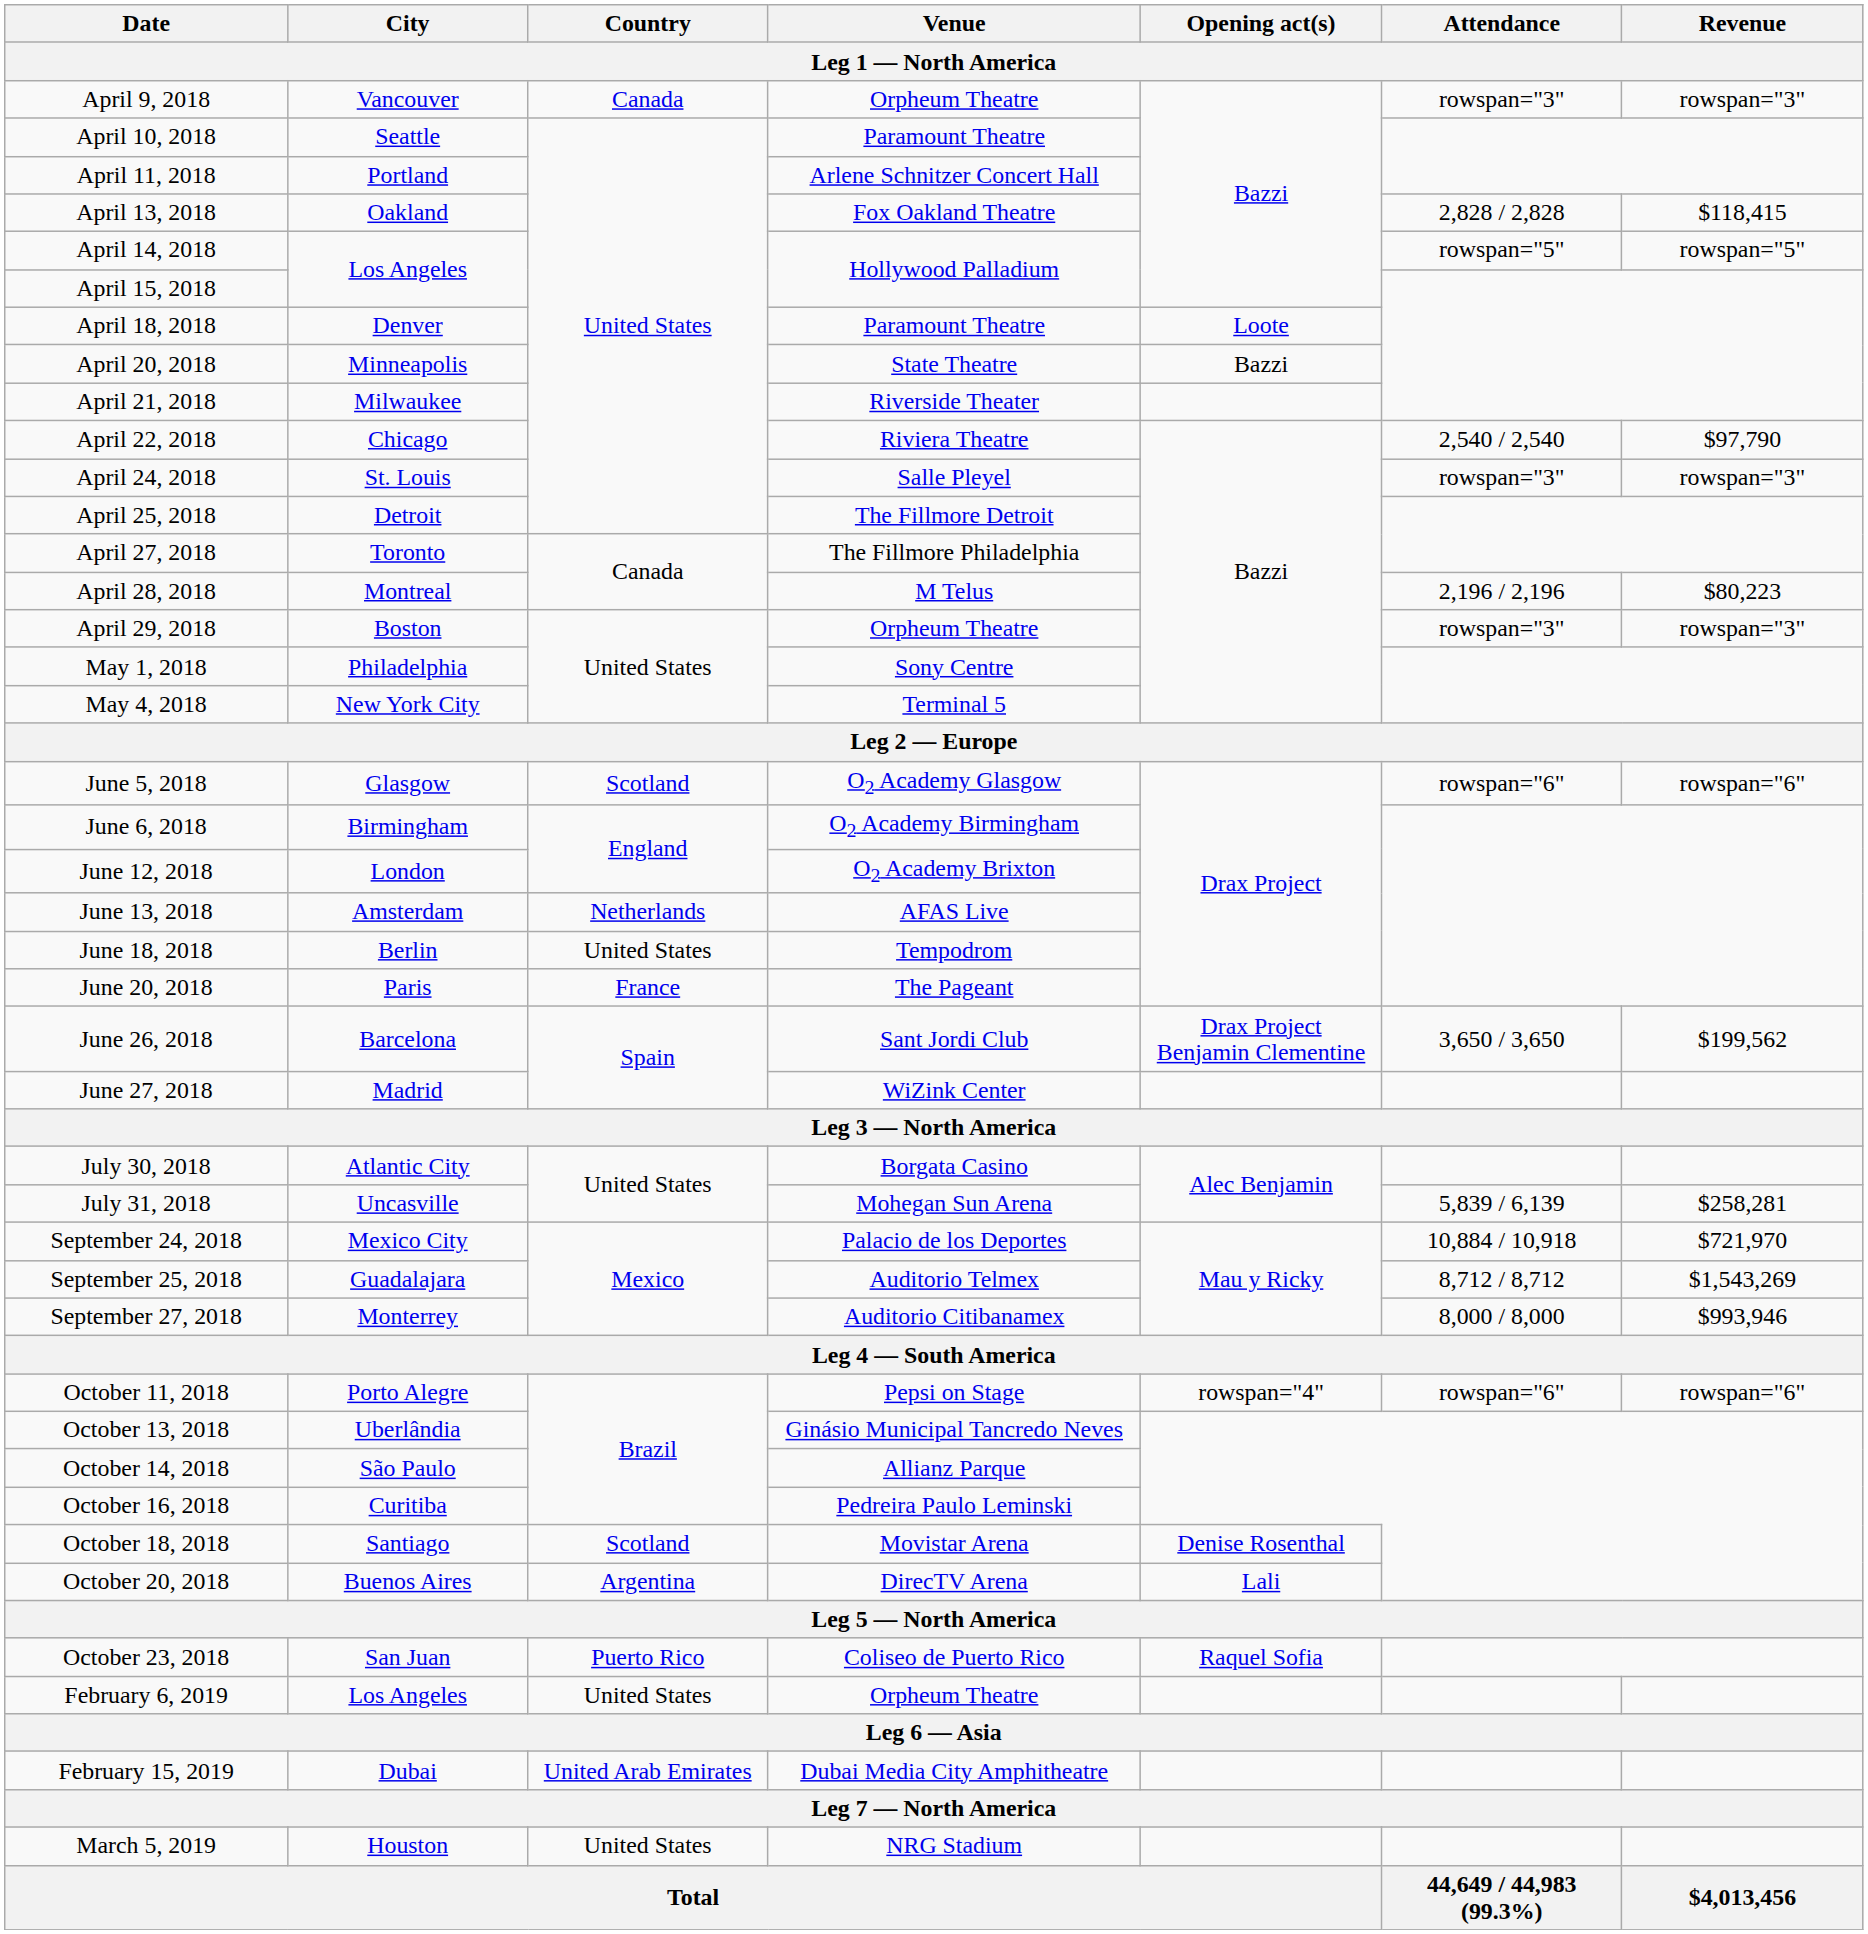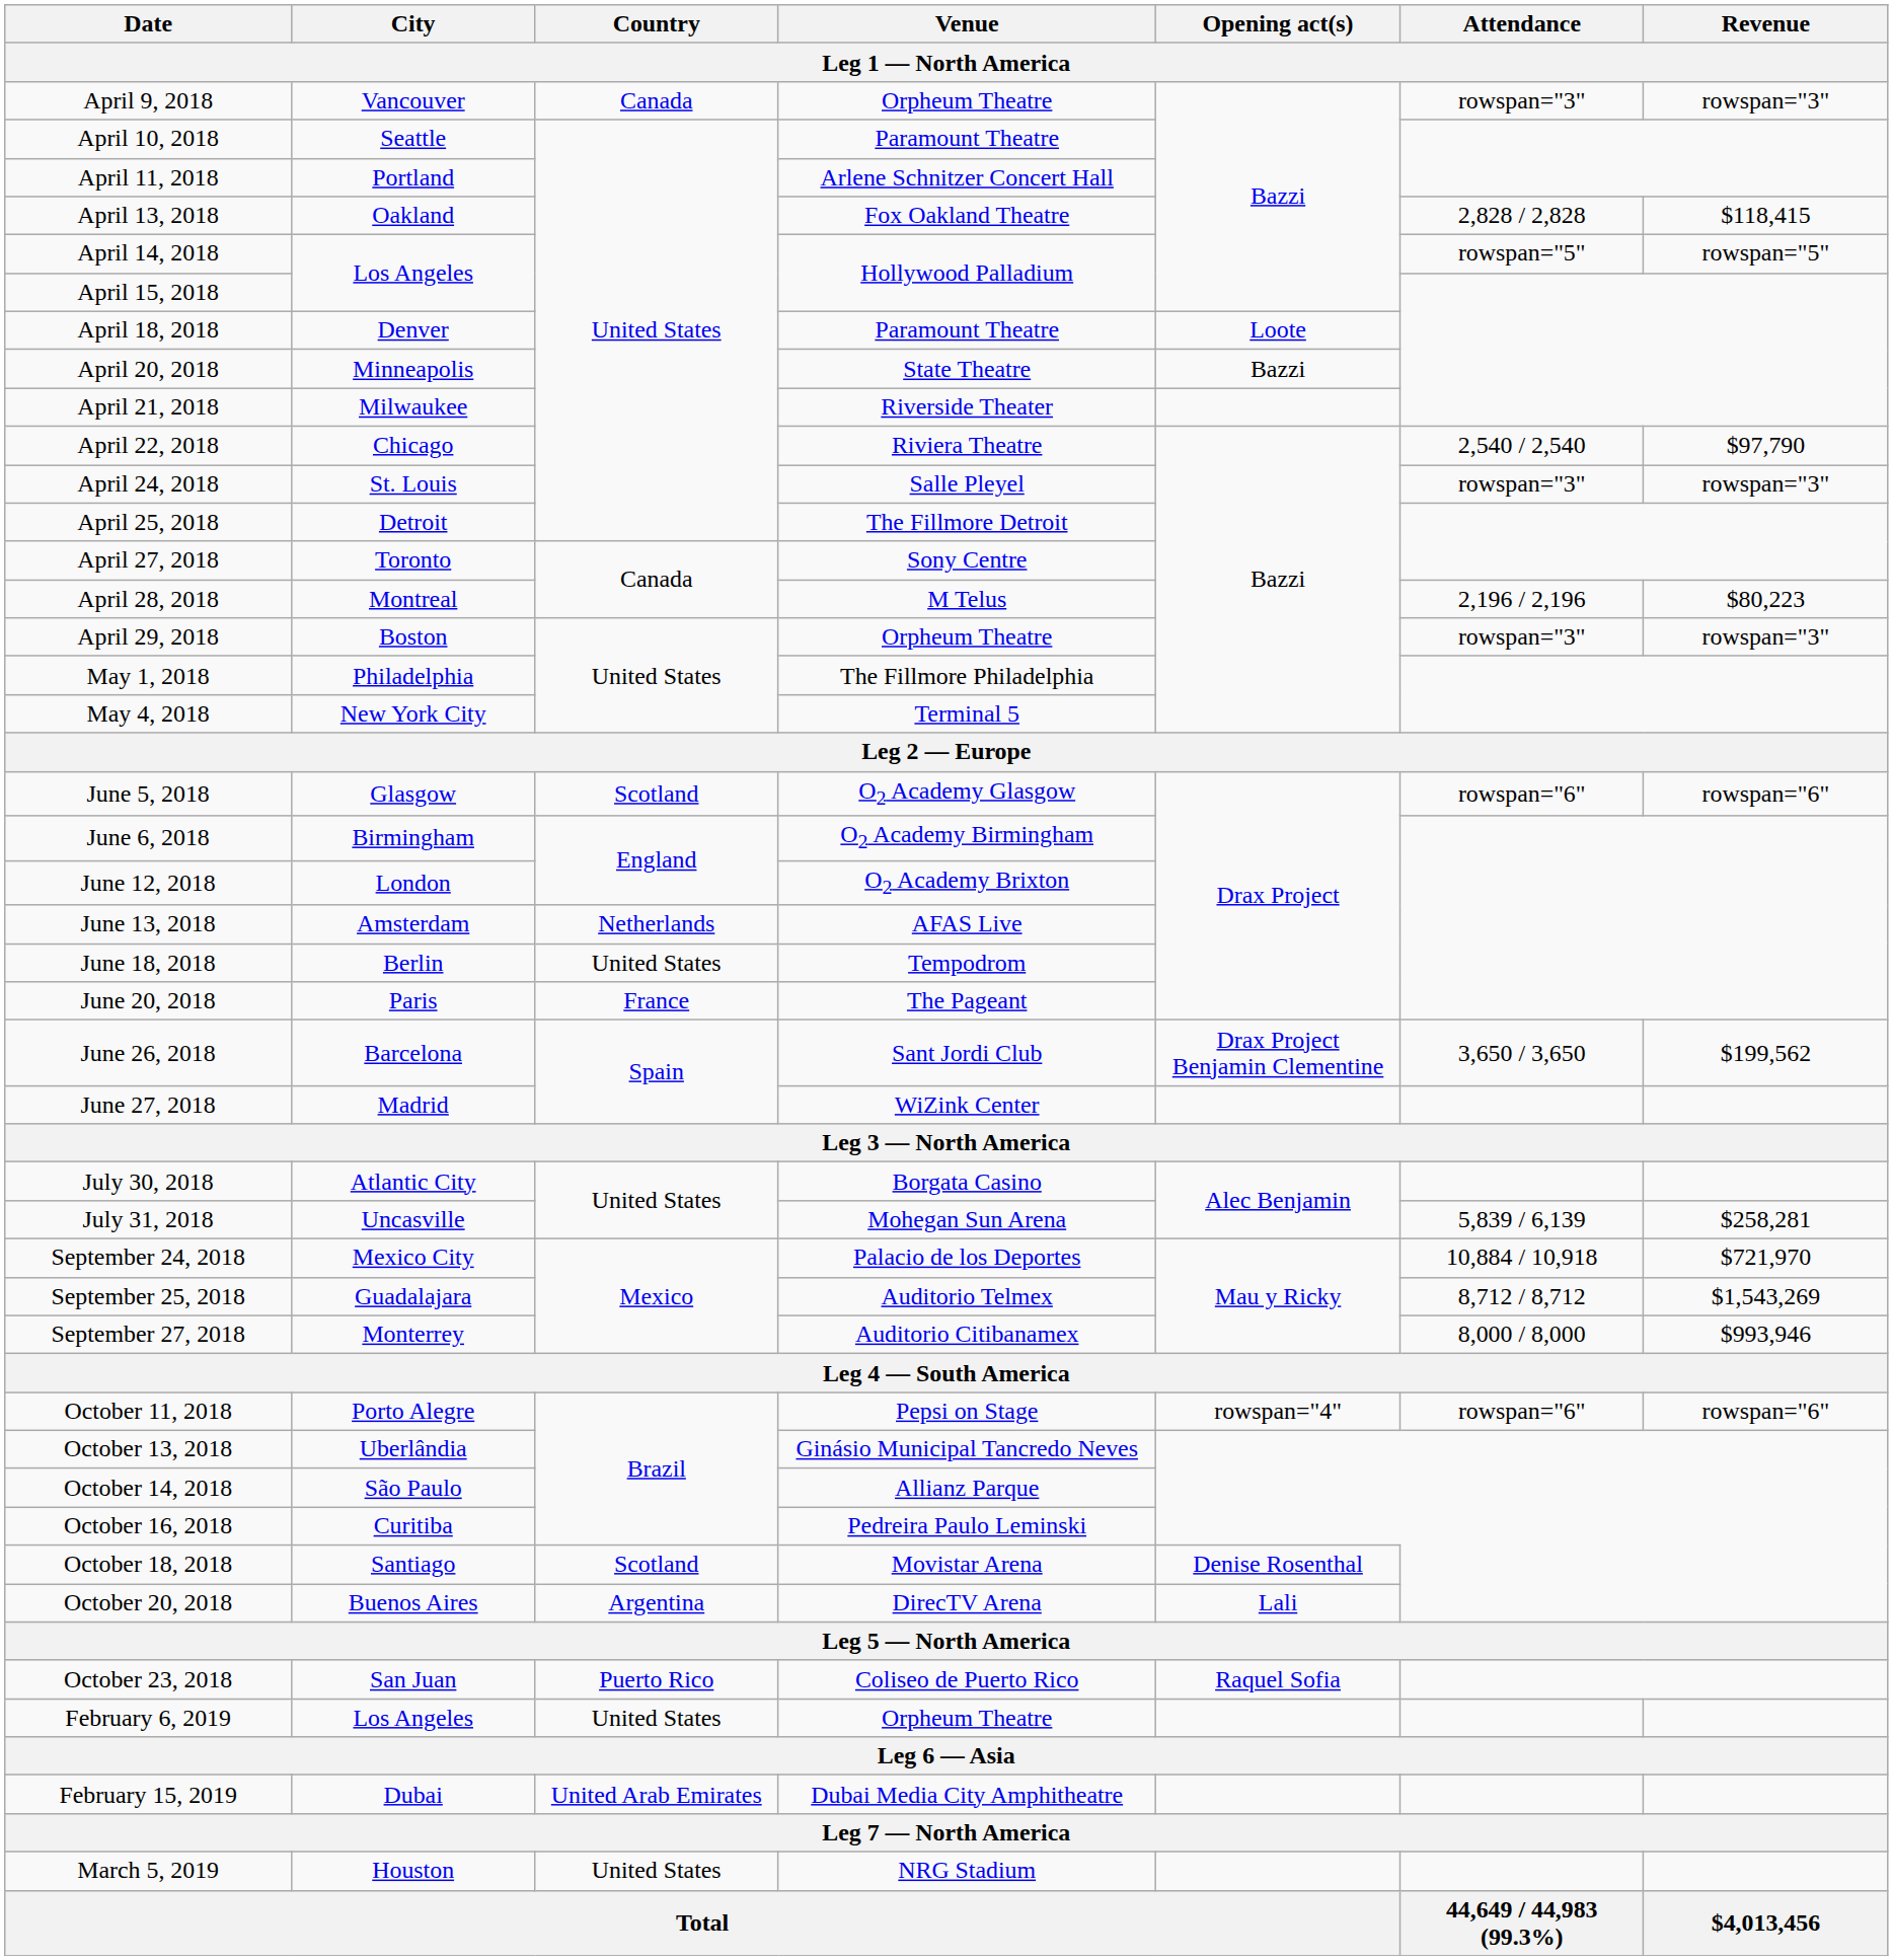 <table class="wikitable" style="text-align:center;">
 <tr>
 <th scope="col" style="width:12em;">Date</th>
 <th scope="col" style="width:10em;">City</th>
 <th scope="col" style="width:10em;">Country</th>
 <th scope="col" style="width:16em;">Venue</th>
 <th scope="col" style="width:10em;">Opening act(s)</th>
 <th scope="col" style="width:10em;">Attendance</th>
 <th scope="col" style="width:10em;">Revenue</th>
 </tr>
 <tr>
 <th colspan="7">Leg 1 — North America</th>
 </tr>
 <tr>
 <td>April 9, 2018</td>
 <td><a href='#'>Vancouver</a></td>
 <td><a href='#'>Canada</a></td>
 <td><a href='#'>Orpheum Theatre</a></td>
 <td rowspan="6"><a href='#'>Bazzi</a></td>
 <td>rowspan="3" </td>
 <td>rowspan="3" </td>
 </tr>
 <tr>
 <td>April 10, 2018</td>
 <td><a href='#'>Seattle</a></td>
 <td rowspan="11"><a href='#'>United States</a></td>
 <td><a href='#'>Paramount Theatre</a></td>
 </tr>
 <tr>
 <td>April 11, 2018</td>
 <td><a href='#'>Portland</a></td>
 <td><a href='#'>Arlene Schnitzer Concert Hall</a></td>
 </tr>
 <tr>
 <td>April 13, 2018</td>
 <td><a href='#'>Oakland</a></td>
 <td><a href='#'>Fox Oakland Theatre</a></td>
 <td>2,828 / 2,828</td>
 <td>$118,415</td>
 </tr>
 <tr>
 <td>April 14, 2018</td>
 <td rowspan="2"><a href='#'>Los Angeles</a></td>
 <td rowspan="2"><a href='#'>Hollywood Palladium</a></td>
 <td>rowspan="5" </td>
 <td>rowspan="5" </td>
 </tr>
 <tr>
 <td>April 15, 2018</td>
 </tr>
 <tr>
 <td>April 18, 2018</td>
 <td><a href='#'>Denver</a></td>
 <td><a href='#'>Paramount Theatre</a></td>
 <td><a href='#'>Loote</a></td>
 </tr>
 <tr>
 <td>April 20, 2018</td>
 <td><a href='#'>Minneapolis</a></td>
 <td><a href='#'>State Theatre</a></td>
 <td>Bazzi</td>
 </tr>
 <tr>
 <td>April 21, 2018</td>
 <td><a href='#'>Milwaukee</a></td>
 <td><a href='#'>Riverside Theater</a></td>
 <td></td>
 </tr>
 <tr>
 <td>April 22, 2018</td>
 <td><a href='#'>Chicago</a></td>
 <td><a href='#'>Riviera Theatre</a></td>
 <td rowspan="8">Bazzi</td>
 <td>2,540 / 2,540</td>
 <td>$97,790</td>
 </tr>
 <tr>
 <td>April 24, 2018</td>
 <td><a href='#'>St. Louis</a></td>
 <td><a href='#'>Salle Pleyel</a></td>
 <td>rowspan="3" </td>
 <td>rowspan="3" </td>
 </tr>
 <tr>
 <td>April 25, 2018</td>
 <td><a href='#'>Detroit</a></td>
 <td><a href='#'>The Fillmore Detroit</a></td>
 </tr>
 <tr>
 <td>April 27, 2018</td>
 <td><a href='#'>Toronto</a></td>
 <td rowspan="2">Canada</td>
-<td>The Fillmore Philadelphia</td>
+<td><a href='#'>Sony Centre</a></td>
 </tr>
 <tr>
 <td>April 28, 2018</td>
 <td><a href='#'>Montreal</a></td>
 <td><a href='#'>M Telus</a></td>
 <td>2,196 / 2,196</td>
 <td>$80,223</td>
 </tr>
 <tr>
 <td>April 29, 2018</td>
 <td><a href='#'>Boston</a></td>
 <td rowspan="3">United States</td>
 <td><a href='#'>Orpheum Theatre</a></td>
 <td>rowspan="3" </td>
 <td>rowspan="3" </td>
 </tr>
 <tr>
 <td>May 1, 2018</td>
 <td><a href='#'>Philadelphia</a></td>
-<td><a href='#'>Sony Centre</a></td>
+<td>The Fillmore Philadelphia</td>
 </tr>
 <tr>
 <td>May 4, 2018</td>
 <td><a href='#'>New York City</a></td>
 <td><a href='#'>Terminal 5</a></td>
 </tr>
 <tr>
 <th colspan="7">Leg 2 — Europe</th>
 </tr>
 <tr>
 <td>June 5, 2018</td>
 <td><a href='#'>Glasgow</a></td>
 <td><a href='#'>Scotland</a></td>
 <td><a href='#'>O<sub>2</sub> Academy Glasgow</a></td>
 <td rowspan="6"><a href='#'>Drax Project</a></td>
 <td>rowspan="6" </td>
 <td>rowspan="6" </td>
 </tr>
 <tr>
 <td>June 6, 2018</td>
 <td><a href='#'>Birmingham</a></td>
 <td rowspan="2"><a href='#'>England</a></td>
 <td><a href='#'>O<sub>2</sub> Academy Birmingham</a></td>
 </tr>
 <tr>
 <td>June 12, 2018</td>
 <td><a href='#'>London</a></td>
 <td><a href='#'>O<sub>2</sub> Academy Brixton</a></td>
 </tr>
 <tr>
 <td>June 13, 2018</td>
 <td><a href='#'>Amsterdam</a></td>
 <td><a href='#'>Netherlands</a></td>
 <td><a href='#'>AFAS Live</a></td>
 </tr>
 <tr>
 <td>June 18, 2018</td>
 <td><a href='#'>Berlin</a></td>
 <td>United States</td>
 <td><a href='#'>Tempodrom</a></td>
 </tr>
 <tr>
 <td>June 20, 2018</td>
 <td><a href='#'>Paris</a></td>
 <td><a href='#'>France</a></td>
 <td><a href='#'>The Pageant</a></td>
 </tr>
 <tr>
 <td>June 26, 2018</td>
 <td><a href='#'>Barcelona</a></td>
 <td rowspan="2"><a href='#'>Spain</a></td>
 <td><a href='#'>Sant Jordi Club</a></td>
 <td><a href='#'>Drax Project</a> <br> <a href='#'>Benjamin Clementine</a></td>
 <td>3,650 / 3,650</td>
 <td>$199,562</td>
 </tr>
 <tr>
 <td>June 27, 2018</td>
 <td><a href='#'>Madrid</a></td>
 <td><a href='#'>WiZink Center</a></td>
 <td></td>
 <td></td>
 <td></td>
 </tr>
 <tr>
 <th colspan="7">Leg 3 — North America</th>
 </tr>
 <tr>
 <td>July 30, 2018</td>
 <td><a href='#'>Atlantic City</a></td>
 <td rowspan="2">United States</td>
 <td><a href='#'>Borgata Casino</a></td>
 <td rowspan="2"><a href='#'>Alec Benjamin</a></td>
 <td></td>
 <td></td>
 </tr>
 <tr>
 <td>July 31, 2018</td>
 <td><a href='#'>Uncasville</a></td>
 <td><a href='#'>Mohegan Sun Arena</a></td>
 <td>5,839 / 6,139</td>
 <td>$258,281</td>
 </tr>
 <tr>
 <td>September 24, 2018</td>
 <td><a href='#'>Mexico City</a></td>
 <td rowspan="3"><a href='#'>Mexico</a></td>
 <td><a href='#'>Palacio de los Deportes</a></td>
 <td rowspan="3"><a href='#'>Mau y Ricky</a></td>
 <td>10,884 / 10,918</td>
 <td>$721,970</td>
 </tr>
 <tr>
 <td>September 25, 2018</td>
 <td><a href='#'>Guadalajara</a></td>
 <td><a href='#'>Auditorio Telmex</a></td>
 <td>8,712 / 8,712</td>
 <td>$1,543,269</td>
 </tr>
 <tr>
 <td>September 27, 2018</td>
 <td><a href='#'>Monterrey</a></td>
 <td><a href='#'>Auditorio Citibanamex</a></td>
 <td>8,000 / 8,000</td>
 <td>$993,946</td>
 </tr>
 <tr>
 <th colspan="7">Leg 4 — South America</th>
 </tr>
 <tr>
 <td>October 11, 2018</td>
 <td><a href='#'>Porto Alegre</a></td>
 <td rowspan="4"><a href='#'>Brazil</a></td>
 <td><a href='#'>Pepsi on Stage</a></td>
 <td>rowspan="4" </td>
 <td>rowspan="6" </td>
 <td>rowspan="6" </td>
 </tr>
 <tr>
 <td>October 13, 2018</td>
 <td><a href='#'>Uberlândia</a></td>
 <td><a href='#'>Ginásio Municipal Tancredo Neves</a></td>
 </tr>
 <tr>
 <td>October 14, 2018</td>
 <td><a href='#'>São Paulo</a></td>
 <td><a href='#'>Allianz Parque</a></td>
 </tr>
 <tr>
 <td>October 16, 2018</td>
 <td><a href='#'>Curitiba</a></td>
 <td><a href='#'>Pedreira Paulo Leminski</a></td>
 </tr>
 <tr>
 <td>October 18, 2018</td>
 <td><a href='#'>Santiago</a></td>
 <td><a href='#'>Scotland</a></td>
 <td><a href='#'>Movistar Arena</a></td>
 <td><a href='#'>Denise Rosenthal</a></td>
 </tr>
 <tr>
 <td>October 20, 2018</td>
 <td><a href='#'>Buenos Aires</a></td>
 <td><a href='#'>Argentina</a></td>
 <td><a href='#'>DirecTV Arena</a></td>
 <td><a href='#'>Lali</a></td>
 </tr>
 <tr>
 <th colspan="7">Leg 5 — North America</th>
 </tr>
 <tr>
 <td>October 23, 2018</td>
 <td><a href='#'>San Juan</a></td>
 <td><a href='#'>Puerto Rico</a></td>
 <td><a href='#'>Coliseo de Puerto Rico</a></td>
 <td><a href='#'>Raquel Sofia</a></td>
 </tr>
 <tr>
 <td>February 6, 2019</td>
 <td><a href='#'>Los Angeles</a></td>
 <td>United States</td>
 <td><a href='#'>Orpheum Theatre</a></td>
 <td></td>
 <td></td>
 <td></td>
 </tr>
 <tr>
 <th colspan="7">Leg 6 — Asia</th>
 </tr>
 <tr>
 <td>February 15, 2019</td>
 <td><a href='#'>Dubai</a></td>
 <td><a href='#'>United Arab Emirates</a></td>
 <td><a href='#'>Dubai Media City Amphitheatre</a></td>
 <td></td>
 <td></td>
 <td></td>
 </tr>
 <tr>
 <th colspan="7">Leg 7 — North America</th>
 </tr>
 <tr>
 <td>March 5, 2019</td>
 <td><a href='#'>Houston</a></td>
 <td>United States</td>
 <td><a href='#'>NRG Stadium</a></td>
 <td></td>
 <td></td>
 <td></td>
 </tr>
 <tr>
 <th colspan="5">Total</th>
 <th>44,649 / 44,983<br>(99.3%)</th>
 <th>$4,013,456</th>
 </tr>
 </table>
